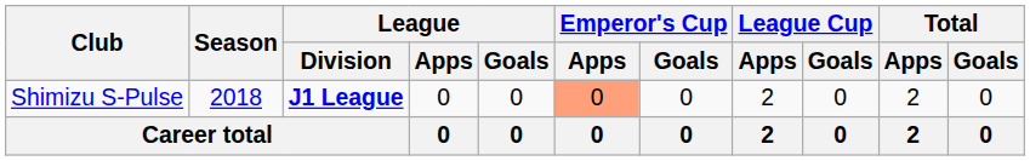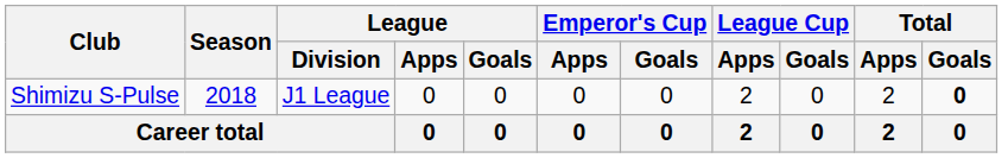 <table class="wikitable" style="text-align:center">
 <tr>
 <th rowspan="2">Club</th>
 <th rowspan="2">Season</th>
 <th colspan="3">League</th>
 <th colspan="2"><a href='#'>Emperor's Cup</a></th>
 <th colspan="2"><a href='#'>League Cup</a></th>
 <th colspan="2">Total</th>
 </tr>
 <tr>
 <th>Division</th>
 <th>Apps</th>
 <th>Goals</th>
 <th>Apps</th>
 <th>Goals</th>
 <th>Apps</th>
 <th>Goals</th>
 <th>Apps</th>
 <th>Goals</th>
 </tr>
 <tr>
 <td><a href='#'>Shimizu S-Pulse</a></td>
 <td><a href='#'>2018</a></td>
-<td><strong><a href='#'>J1 League</a></strong></td>
+<td><a href='#'>J1 League</a></td>
 <td>0</td>
 <td>0</td>
-<td style="background: lightsalmon;">0</td>
+<td>0</td>
 <td>0</td>
 <td>2</td>
 <td>0</td>
 <td>2</td>
-<td>0</td>
+<td><strong>0</strong></td>
 </tr>
 <tr>
 <th colspan="3">Career total</th>
 <th>0</th>
 <th>0</th>
 <th>0</th>
 <th>0</th>
 <th>2</th>
 <th>0</th>
 <th>2</th>
 <th>0</th>
 </tr>
 </table>
